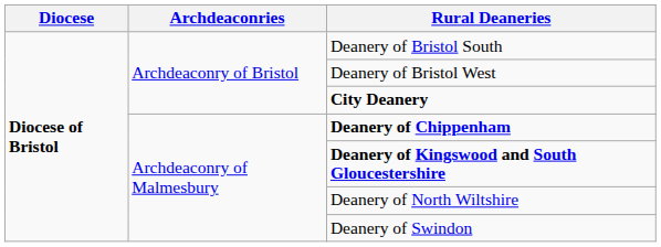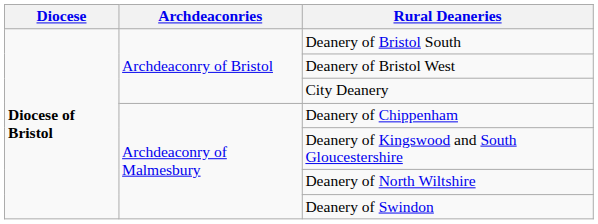 <table class="wikitable sortable">
 <tr>
 <th><a href='#'>Diocese</a></th>
 <th><a href='#'>Archdeaconries</a></th>
 <th><a href='#'>Rural Deaneries</a></th>
 </tr>
 <tr>
 <td rowspan="7"><strong>Diocese of Bristol</strong></td>
 <td rowspan="3"><a href='#'>Archdeaconry of Bristol</a></td>
 <td>Deanery of <a href='#'>Bristol</a> South</td>
 </tr>
 <tr>
 <td>Deanery of Bristol West</td>
 </tr>
 <tr>
-<td><strong>City Deanery</strong></td>
+<td>City Deanery</td>
 </tr>
 <tr>
 <td rowspan="4"><a href='#'>Archdeaconry of Malmesbury</a></td>
-<td><strong>Deanery of <a href='#'>Chippenham</a></strong></td>
+<td>Deanery of <a href='#'>Chippenham</a></td>
 </tr>
 <tr>
-<td><strong>Deanery of <a href='#'>Kingswood</a> and <a href='#'>South Gloucestershire</a></strong></td>
+<td>Deanery of <a href='#'>Kingswood</a> and <a href='#'>South Gloucestershire</a></td>
 </tr>
 <tr>
 <td>Deanery of <a href='#'>North Wiltshire</a></td>
 </tr>
 <tr>
 <td>Deanery of <a href='#'>Swindon</a></td>
 </tr>
 </table>
